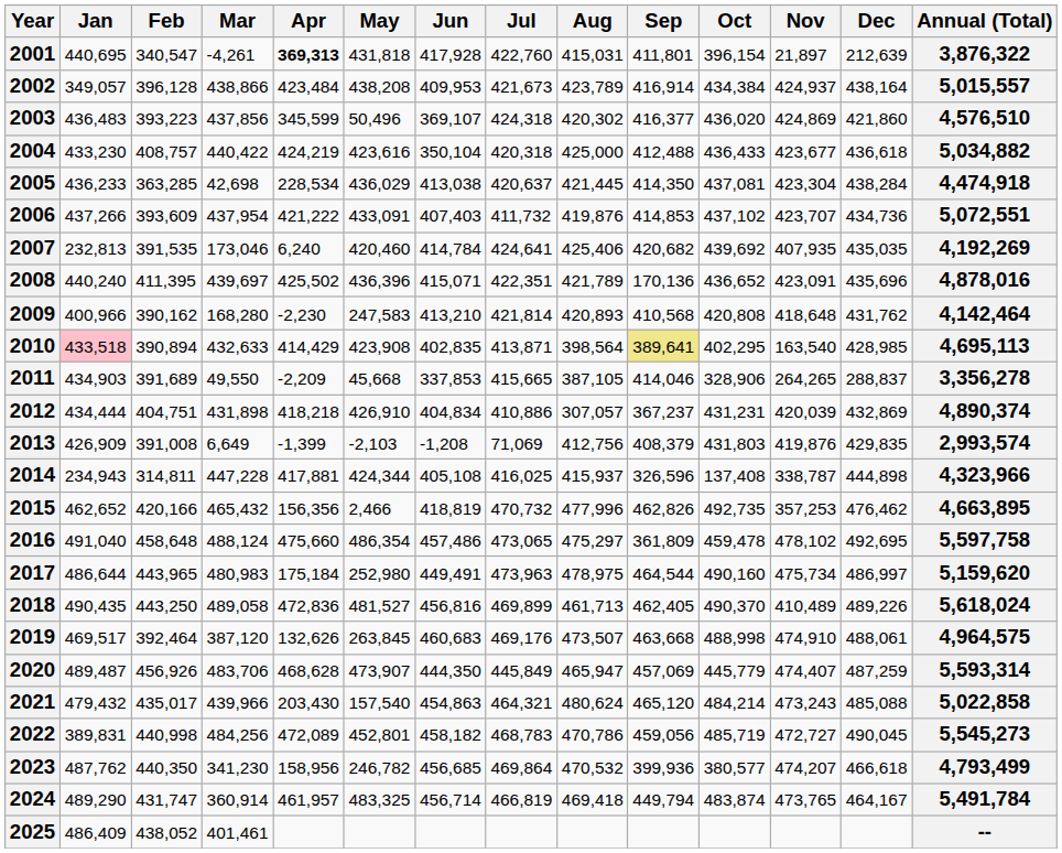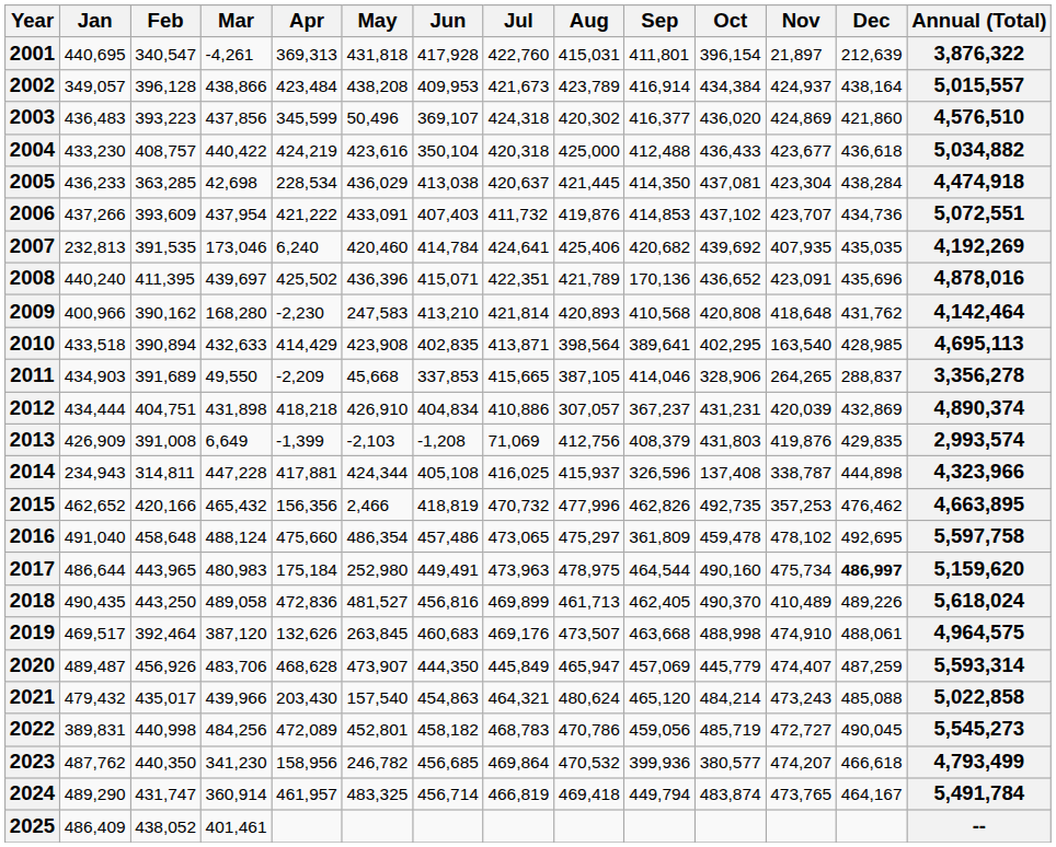 <table class="wikitable">
 <tr>
 <th>Year</th>
 <th>Jan</th>
 <th>Feb</th>
 <th>Mar</th>
 <th>Apr</th>
 <th>May</th>
 <th>Jun</th>
 <th>Jul</th>
 <th>Aug</th>
 <th>Sep</th>
 <th>Oct</th>
 <th>Nov</th>
 <th>Dec</th>
 <th>Annual (Total)</th>
 </tr>
 <tr>
 <th>2001</th>
 <td><small>440,695</small></td>
 <td><small>340,547</small></td>
 <td><small>-4,261</small></td>
-<td><strong><small>369,313</small></strong></td>
+<td><small>369,313</small></td>
 <td><small>431,818</small></td>
 <td><small>417,928</small></td>
 <td><small>422,760</small></td>
 <td><small>415,031</small></td>
 <td><small>411,801</small></td>
 <td><small>396,154</small></td>
 <td><small>21,897</small></td>
 <td><small>212,639</small></td>
 <th>3,876,322</th>
 </tr>
 <tr>
 <th>2002</th>
 <td><small>349,057</small></td>
 <td><small>396,128</small></td>
 <td><small>438,866</small></td>
 <td><small>423,484</small></td>
 <td><small>438,208</small></td>
 <td><small>409,953</small></td>
 <td><small>421,673</small></td>
 <td><small>423,789</small></td>
 <td><small>416,914</small></td>
 <td><small>434,384</small></td>
 <td><small>424,937</small></td>
 <td><small>438,164</small></td>
 <th>5,015,557</th>
 </tr>
 <tr>
 <th>2003</th>
 <td><small>436,483</small></td>
 <td><small>393,223</small></td>
 <td><small>437,856</small></td>
 <td><small>345,599</small></td>
 <td><small>50,496</small></td>
 <td><small>369,107</small></td>
 <td><small>424,318</small></td>
 <td><small>420,302</small></td>
 <td><small>416,377</small></td>
 <td><small>436,020</small></td>
 <td><small>424,869</small></td>
 <td><small>421,860</small></td>
 <th>4,576,510</th>
 </tr>
 <tr>
 <th>2004</th>
 <td><small>433,230</small></td>
 <td><small>408,757</small></td>
 <td><small>440,422</small></td>
 <td><small>424,219</small></td>
 <td><small>423,616</small></td>
 <td><small>350,104</small></td>
 <td><small>420,318</small></td>
 <td><small>425,000</small></td>
 <td><small>412,488</small></td>
 <td><small>436,433</small></td>
 <td><small>423,677</small></td>
 <td><small>436,618</small></td>
 <th>5,034,882</th>
 </tr>
 <tr>
 <th>2005</th>
 <td><small>436,233</small></td>
 <td><small>363,285</small></td>
 <td><small>42,698</small></td>
 <td><small>228,534</small></td>
 <td><small>436,029</small></td>
 <td><small>413,038</small></td>
 <td><small>420,637</small></td>
 <td><small>421,445</small></td>
 <td><small>414,350</small></td>
 <td><small>437,081</small></td>
 <td><small>423,304</small></td>
 <td><small>438,284</small></td>
 <th>4,474,918</th>
 </tr>
 <tr>
 <th>2006</th>
 <td><small>437,266</small></td>
 <td><small>393,609</small></td>
 <td><small>437,954</small></td>
 <td><small>421,222</small></td>
 <td><small>433,091</small></td>
 <td><small>407,403</small></td>
 <td><small>411,732</small></td>
 <td><small>419,876</small></td>
 <td><small>414,853</small></td>
 <td><small>437,102</small></td>
 <td><small>423,707</small></td>
 <td><small>434,736</small></td>
 <th>5,072,551</th>
 </tr>
 <tr>
 <th>2007</th>
 <td><small>232,813</small></td>
 <td><small>391,535</small></td>
 <td><small>173,046</small></td>
 <td><small>6,240</small></td>
 <td><small>420,460</small></td>
 <td><small>414,784</small></td>
 <td><small>424,641</small></td>
 <td><small>425,406</small></td>
 <td><small>420,682</small></td>
 <td><small>439,692</small></td>
 <td><small>407,935</small></td>
 <td><small>435,035</small></td>
 <th>4,192,269</th>
 </tr>
 <tr>
 <th>2008</th>
 <td><small>440,240</small></td>
 <td><small>411,395</small></td>
 <td><small>439,697</small></td>
 <td><small>425,502</small></td>
 <td><small>436,396</small></td>
 <td><small>415,071</small></td>
 <td><small>422,351</small></td>
 <td><small>421,789</small></td>
 <td><small>170,136</small></td>
 <td><small>436,652</small></td>
 <td><small>423,091</small></td>
 <td><small>435,696</small></td>
 <th>4,878,016</th>
 </tr>
 <tr>
 <th>2009</th>
 <td><small>400,966</small></td>
 <td><small>390,162</small></td>
 <td><small>168,280</small></td>
 <td><small>-2,230</small></td>
 <td><small>247,583</small></td>
 <td><small>413,210</small></td>
 <td><small>421,814</small></td>
 <td><small>420,893</small></td>
 <td><small>410,568</small></td>
 <td><small>420,808</small></td>
 <td><small>418,648</small></td>
 <td><small>431,762</small></td>
 <th>4,142,464</th>
 </tr>
 <tr>
 <th>2010</th>
-<td style="background: pink;"><small>433,518</small></td>
+<td><small>433,518</small></td>
 <td><small>390,894</small></td>
 <td><small>432,633</small></td>
 <td><small>414,429</small></td>
 <td><small>423,908</small></td>
 <td><small>402,835</small></td>
 <td><small>413,871</small></td>
 <td><small>398,564</small></td>
-<td style="background: khaki;"><small>389,641</small></td>
+<td><small>389,641</small></td>
 <td><small>402,295</small></td>
 <td><small>163,540</small></td>
 <td><small>428,985</small></td>
 <th>4,695,113</th>
 </tr>
 <tr>
 <th>2011</th>
 <td><small>434,903</small></td>
 <td><small>391,689</small></td>
 <td><small>49,550</small></td>
 <td><small>-2,209</small></td>
 <td><small>45,668</small></td>
 <td><small>337,853</small></td>
 <td><small>415,665</small></td>
 <td><small>387,105</small></td>
 <td><small>414,046</small></td>
 <td><small>328,906</small></td>
 <td><small>264,265</small></td>
 <td><small>288,837</small></td>
 <th>3,356,278</th>
 </tr>
 <tr>
 <th>2012</th>
 <td><small>434,444</small></td>
 <td><small>404,751</small></td>
 <td><small>431,898</small></td>
 <td><small>418,218</small></td>
 <td><small>426,910</small></td>
 <td><small>404,834</small></td>
 <td><small>410,886</small></td>
 <td><small>307,057</small></td>
 <td><small>367,237</small></td>
 <td><small>431,231</small></td>
 <td><small>420,039</small></td>
 <td><small>432,869</small></td>
 <th>4,890,374</th>
 </tr>
 <tr>
 <th>2013</th>
 <td><small>426,909</small></td>
 <td><small>391,008</small></td>
 <td><small>6,649</small></td>
 <td><small>-1,399</small></td>
 <td><small>-2,103</small></td>
 <td><small>-1,208</small></td>
 <td><small>71,069</small></td>
 <td><small>412,756</small></td>
 <td><small>408,379</small></td>
 <td><small>431,803</small></td>
 <td><small>419,876</small></td>
 <td><small>429,835</small></td>
 <th>2,993,574</th>
 </tr>
 <tr>
 <th>2014</th>
 <td><small>234,943</small></td>
 <td><small>314,811</small></td>
 <td><small>447,228</small></td>
 <td><small>417,881</small></td>
 <td><small>424,344</small></td>
 <td><small>405,108</small></td>
 <td><small>416,025</small></td>
 <td><small>415,937</small></td>
 <td><small>326,596</small></td>
 <td><small>137,408</small></td>
 <td><small>338,787</small></td>
 <td><small>444,898</small></td>
 <th>4,323,966</th>
 </tr>
 <tr>
 <th>2015</th>
 <td><small>462,652</small></td>
 <td><small>420,166</small></td>
 <td><small>465,432</small></td>
 <td><small>156,356</small></td>
 <td><small>2,466</small></td>
 <td><small>418,819</small></td>
 <td><small>470,732</small></td>
 <td><small>477,996</small></td>
 <td><small>462,826</small></td>
 <td><small>492,735</small></td>
 <td><small>357,253</small></td>
 <td><small>476,462</small></td>
 <th>4,663,895</th>
 </tr>
 <tr>
 <th>2016</th>
 <td><small>491,040</small></td>
 <td><small>458,648</small></td>
 <td><small>488,124</small></td>
 <td><small>475,660</small></td>
 <td><small>486,354</small></td>
 <td><small>457,486</small></td>
 <td><small>473,065</small></td>
 <td><small>475,297</small></td>
 <td><small>361,809</small></td>
 <td><small>459,478</small></td>
 <td><small>478,102</small></td>
 <td><small>492,695</small></td>
 <th>5,597,758</th>
 </tr>
 <tr>
 <th>2017</th>
 <td><small>486,644</small></td>
 <td><small>443,965</small></td>
 <td><small>480,983</small></td>
 <td><small>175,184</small></td>
 <td><small>252,980</small></td>
 <td><small>449,491</small></td>
 <td><small>473,963</small></td>
 <td><small>478,975</small></td>
 <td><small>464,544</small></td>
 <td><small>490,160</small></td>
 <td><small>475,734</small></td>
-<td><small>486,997</small></td>
+<td><strong><small>486,997</small></strong></td>
 <th>5,159,620</th>
 </tr>
 <tr>
 <th>2018</th>
 <td><small>490,435</small></td>
 <td><small>443,250</small></td>
 <td><small>489,058</small></td>
 <td><small>472,836</small></td>
 <td><small>481,527</small></td>
 <td><small>456,816</small></td>
 <td><small>469,899</small></td>
 <td><small>461,713</small></td>
 <td><small>462,405</small></td>
 <td><small>490,370</small></td>
 <td><small>410,489</small></td>
 <td><small>489,226</small></td>
 <th>5,618,024</th>
 </tr>
 <tr>
 <th>2019</th>
 <td><small>469,517</small></td>
 <td><small>392,464</small></td>
 <td><small>387,120</small></td>
 <td><small>132,626</small></td>
 <td><small>263,845</small></td>
 <td><small>460,683</small></td>
 <td><small>469,176</small></td>
 <td><small>473,507</small></td>
 <td><small>463,668</small></td>
 <td><small>488,998</small></td>
 <td><small>474,910</small></td>
 <td><small>488,061</small></td>
 <th>4,964,575</th>
 </tr>
 <tr>
 <th>2020</th>
 <td><small>489,487</small></td>
 <td><small>456,926</small></td>
 <td><small>483,706</small></td>
 <td><small>468,628</small></td>
 <td><small>473,907</small></td>
 <td><small>444,350</small></td>
 <td><small>445,849</small></td>
 <td><small>465,947</small></td>
 <td><small>457,069</small></td>
 <td><small>445,779</small></td>
 <td><small>474,407</small></td>
 <td><small>487,259</small></td>
 <th>5,593,314</th>
 </tr>
 <tr>
 <th>2021</th>
 <td><small>479,432</small></td>
 <td><small>435,017</small></td>
 <td><small>439,966</small></td>
 <td><small>203,430</small></td>
 <td><small>157,540</small></td>
 <td><small>454,863</small></td>
 <td><small>464,321</small></td>
 <td><small>480,624</small></td>
 <td><small>465,120</small></td>
 <td><small>484,214</small></td>
 <td><small>473,243</small></td>
 <td><small>485,088</small></td>
 <th>5,022,858</th>
 </tr>
 <tr>
 <th>2022</th>
 <td><small>389,831</small></td>
 <td><small>440,998</small></td>
 <td><small>484,256</small></td>
 <td><small>472,089</small></td>
 <td><small>452,801</small></td>
 <td><small>458,182</small></td>
 <td><small>468,783</small></td>
 <td><small>470,786</small></td>
 <td><small>459,056</small></td>
 <td><small>485,719</small></td>
 <td><small>472,727</small></td>
 <td><small>490,045</small></td>
 <th>5,545,273</th>
 </tr>
 <tr>
 <th>2023</th>
 <td><small>487,762</small></td>
 <td><small>440,350</small></td>
 <td><small>341,230</small></td>
 <td><small>158,956</small></td>
 <td><small>246,782</small></td>
 <td><small>456,685</small></td>
 <td><small>469,864</small></td>
 <td><small>470,532</small></td>
 <td><small>399,936</small></td>
 <td><small>380,577</small></td>
 <td><small>474,207</small></td>
 <td><small>466,618</small></td>
 <th>4,793,499</th>
 </tr>
 <tr>
 <th>2024</th>
 <td><small>489,290</small></td>
 <td><small>431,747</small></td>
 <td><small>360,914</small></td>
 <td><small>461,957</small></td>
 <td><small>483,325</small></td>
 <td><small>456,714</small></td>
 <td><small>466,819</small></td>
 <td><small>469,418</small></td>
 <td><small>449,794</small></td>
 <td><small>483,874</small></td>
 <td><small>473,765</small></td>
 <td><small>464,167</small></td>
 <th>5,491,784</th>
 </tr>
 <tr>
 <th>2025</th>
 <td><small>486,409</small></td>
 <td><small>438,052</small></td>
 <td><small>401,461</small></td>
 <td><small></small></td>
 <td><small></small></td>
 <td><small></small></td>
 <td><small></small></td>
 <td><small></small></td>
 <td><small></small></td>
 <td><small></small></td>
 <td><small></small></td>
 <td><small></small></td>
 <th>--</th>
 </tr>
 <tr>
 </tr>
 </table>
